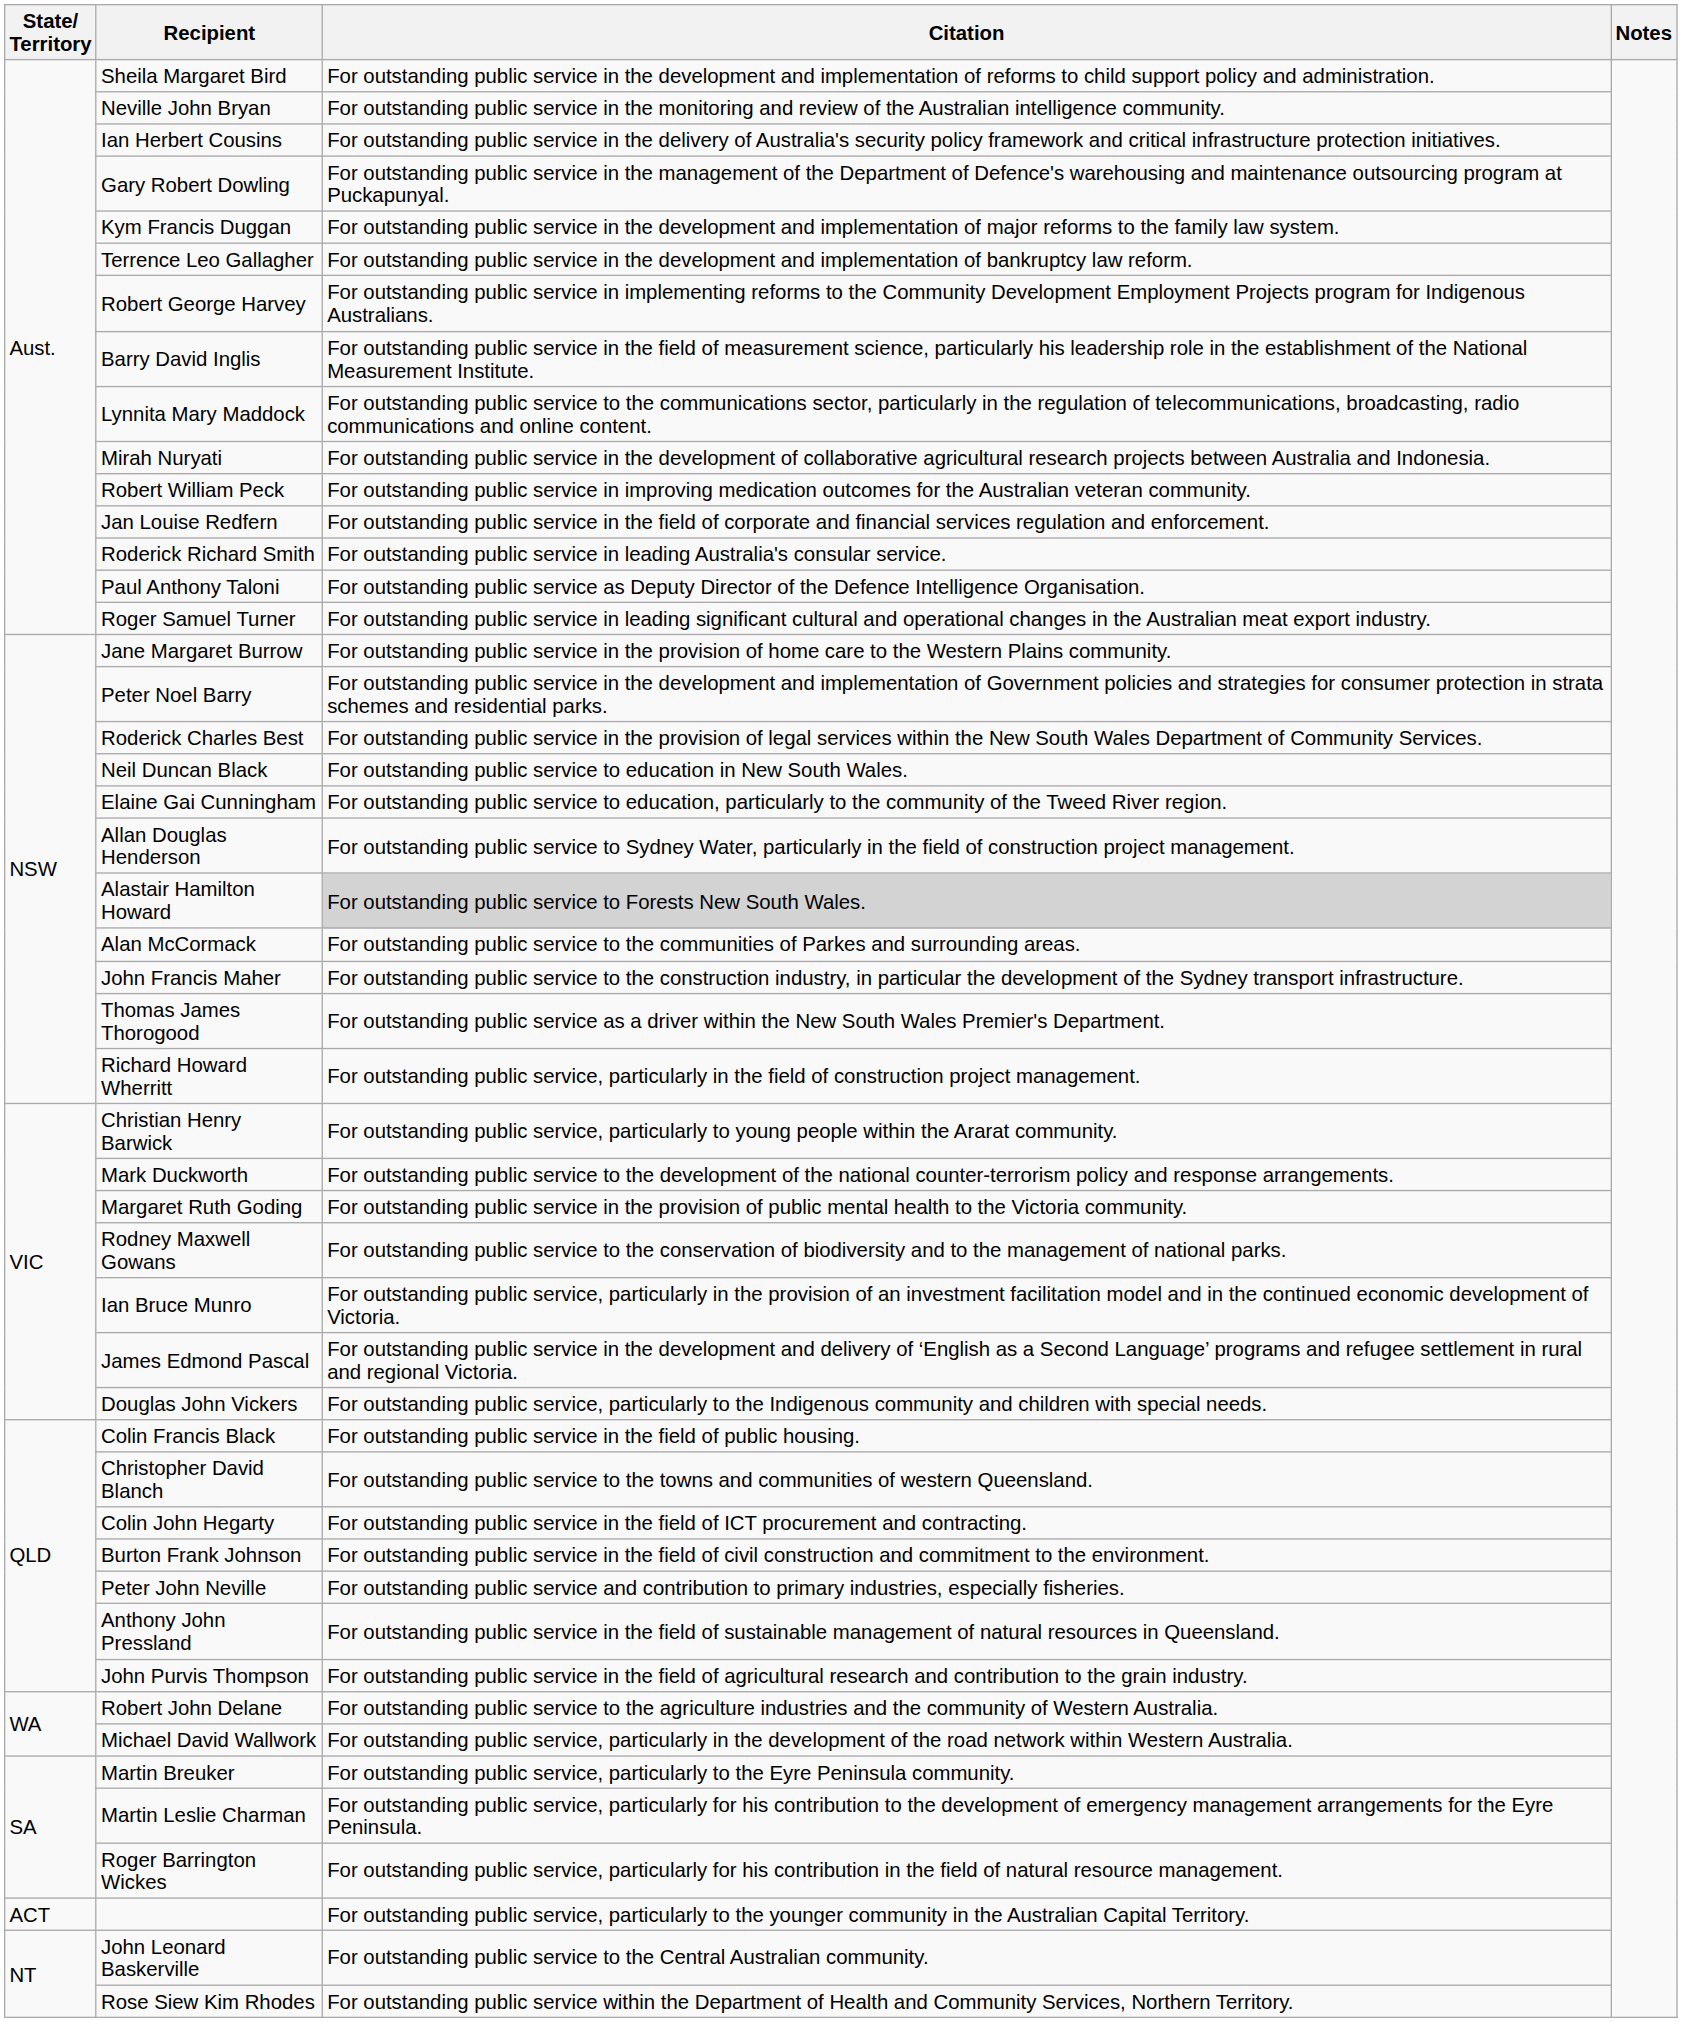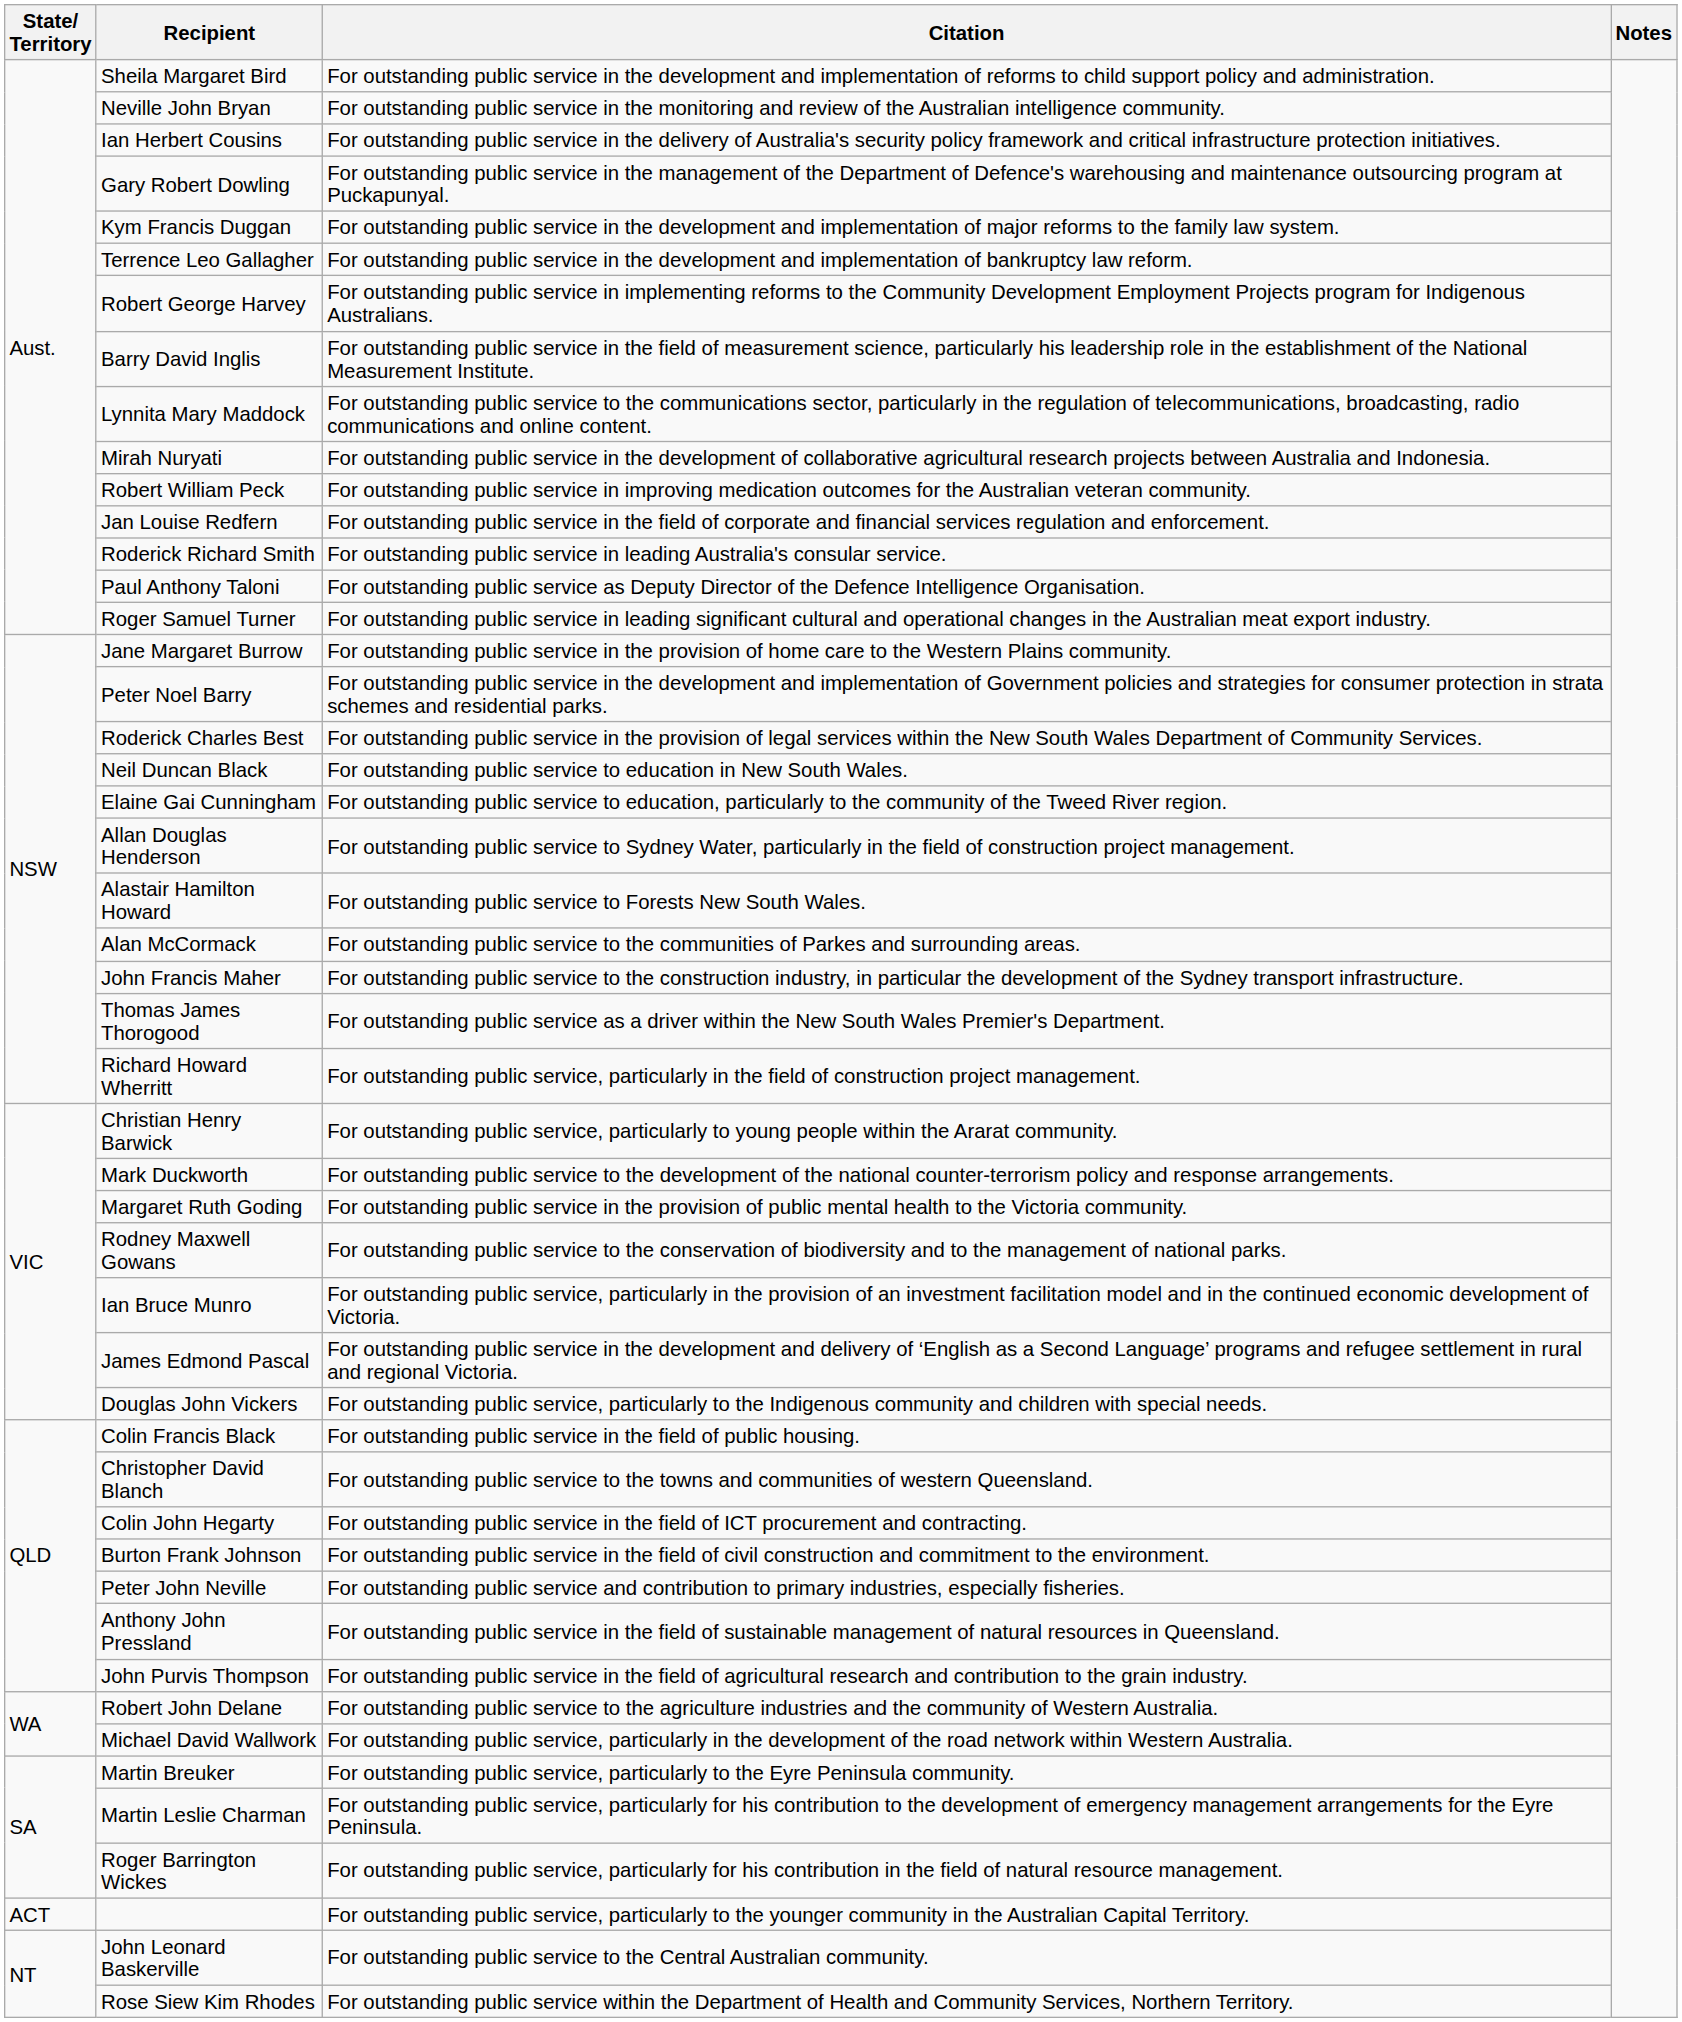 <table class="wikitable" style="font-size:95%;">
 <tr>
 <th>State/<br>Territory</th>
 <th>Recipient</th>
 <th>Citation</th>
 <th>Notes</th>
 </tr>
 <tr>
 <td rowspan=15>Aust.</td>
 <td>Sheila Margaret Bird</td>
 <td>For outstanding public service in the development and implementation of reforms to child support policy and administration.</td>
 <td rowspan=48></td>
 </tr>
 <tr>
 <td>Neville John Bryan</td>
 <td>For outstanding public service in the monitoring and review of the Australian intelligence community.</td>
 </tr>
 <tr>
 <td>Ian Herbert Cousins</td>
 <td>For outstanding public service in the delivery of Australia's security policy framework and critical infrastructure protection initiatives.</td>
 </tr>
 <tr>
 <td>Gary Robert Dowling</td>
 <td>For outstanding public service in the management of the Department of Defence's warehousing and maintenance outsourcing program at Puckapunyal.</td>
 </tr>
 <tr>
 <td>Kym Francis Duggan</td>
 <td>For outstanding public service in the development and implementation of major reforms to the family law system.</td>
 </tr>
 <tr>
 <td>Terrence Leo Gallagher</td>
 <td>For outstanding public service in the development and implementation of bankruptcy law reform.</td>
 </tr>
 <tr>
 <td>Robert George Harvey</td>
 <td>For outstanding public service in implementing reforms to the Community Development Employment Projects program for Indigenous Australians.</td>
 </tr>
 <tr>
 <td> Barry David Inglis</td>
 <td>For outstanding public service in the field of measurement science, particularly his leadership role in the establishment of the National Measurement Institute.</td>
 </tr>
 <tr>
 <td>Lynnita Mary Maddock</td>
 <td>For outstanding public service to the communications sector, particularly in the regulation of telecommunications, broadcasting, radio communications and online content.</td>
 </tr>
 <tr>
 <td>Mirah Nuryati</td>
 <td>For outstanding public service in the development of collaborative agricultural research projects between Australia and Indonesia.</td>
 </tr>
 <tr>
 <td>Robert William Peck</td>
 <td>For outstanding public service in improving medication outcomes for the Australian veteran community.</td>
 </tr>
 <tr>
 <td>Jan Louise Redfern</td>
 <td>For outstanding public service in the field of corporate and financial services regulation and enforcement.</td>
 </tr>
 <tr>
 <td>Roderick Richard Smith</td>
 <td>For outstanding public service in leading Australia's consular service.</td>
 </tr>
 <tr>
 <td> Paul Anthony Taloni</td>
 <td>For outstanding public service as Deputy Director of the Defence Intelligence Organisation.</td>
 </tr>
 <tr>
 <td> Roger Samuel Turner</td>
 <td>For outstanding public service in leading significant cultural and operational changes in the Australian meat export industry.</td>
 </tr>
 <tr>
 <td rowspan=11>NSW</td>
 <td>Jane Margaret Burrow</td>
 <td>For outstanding public service in the provision of home care to the Western Plains community.</td>
 </tr>
 <tr>
 <td>Peter Noel Barry</td>
 <td>For outstanding public service in the development and implementation of Government policies and strategies for consumer protection in strata schemes and residential parks.</td>
 </tr>
 <tr>
 <td>Roderick Charles Best</td>
 <td>For outstanding public service in the provision of legal services within the New South Wales Department of Community Services.</td>
 </tr>
 <tr>
 <td>Neil Duncan Black</td>
 <td>For outstanding public service to education in New South Wales.</td>
 </tr>
 <tr>
 <td>Elaine Gai Cunningham</td>
 <td>For outstanding public service to education, particularly to the community of the Tweed River region.</td>
 </tr>
 <tr>
 <td>Allan Douglas Henderson</td>
 <td>For outstanding public service to Sydney Water, particularly in the field of construction project management.</td>
 </tr>
 <tr>
 <td>Alastair Hamilton Howard</td>
-<td style="background: lightgrey;">For outstanding public service to Forests New South Wales.</td>
+<td>For outstanding public service to Forests New South Wales.</td>
 </tr>
 <tr>
 <td>Alan McCormack</td>
 <td>For outstanding public service to the communities of Parkes and surrounding areas.</td>
 </tr>
 <tr>
 <td>John Francis Maher</td>
 <td>For outstanding public service to the construction industry, in particular the development of the Sydney transport infrastructure.</td>
 </tr>
 <tr>
 <td>Thomas James Thorogood</td>
 <td>For outstanding public service as a driver within the New South Wales Premier's Department.</td>
 </tr>
 <tr>
 <td>Richard Howard Wherritt</td>
 <td>For outstanding public service, particularly in the field of construction project management.</td>
 </tr>
 <tr>
 <td rowspan=7>VIC</td>
 <td>Christian Henry Barwick</td>
 <td>For outstanding public service, particularly to young people within the Ararat community.</td>
 </tr>
 <tr>
 <td>Mark Duckworth</td>
 <td>For outstanding public service to the development of the national counter-terrorism policy and response arrangements.</td>
 </tr>
 <tr>
 <td>Margaret Ruth Goding</td>
 <td>For outstanding public service in the provision of public mental health to the Victoria community.</td>
 </tr>
 <tr>
 <td>Rodney Maxwell Gowans</td>
 <td>For outstanding public service to the conservation of biodiversity and to the management of national parks.</td>
 </tr>
 <tr>
 <td>Ian Bruce Munro</td>
 <td>For outstanding public service, particularly in the provision of an investment facilitation model and in the continued economic development of Victoria.</td>
 </tr>
 <tr>
 <td>James Edmond Pascal</td>
 <td>For outstanding public service in the development and delivery of ‘English as a Second Language’ programs and refugee settlement in rural and regional Victoria.</td>
 </tr>
 <tr>
 <td>Douglas John Vickers</td>
 <td>For outstanding public service, particularly to the Indigenous community and children with special needs.</td>
 </tr>
 <tr>
 <td rowspan=7>QLD</td>
 <td>Colin Francis Black</td>
 <td>For outstanding public service in the field of public housing.</td>
 </tr>
 <tr>
 <td>Christopher David Blanch</td>
 <td>For outstanding public service to the towns and communities of western Queensland.</td>
 </tr>
 <tr>
 <td>Colin John Hegarty</td>
 <td>For outstanding public service in the field of ICT procurement and contracting.</td>
 </tr>
 <tr>
 <td>Burton Frank Johnson</td>
 <td>For outstanding public service in the field of civil construction and commitment to the environment.</td>
 </tr>
 <tr>
 <td>Peter John Neville</td>
 <td>For outstanding public service and contribution to primary industries, especially fisheries.</td>
 </tr>
 <tr>
 <td> Anthony John Pressland</td>
 <td>For outstanding public service in the field of sustainable management of natural resources in Queensland.</td>
 </tr>
 <tr>
 <td> John Purvis Thompson</td>
 <td>For outstanding public service in the field of agricultural research and contribution to the grain industry.</td>
 </tr>
 <tr>
 <td rowspan=2>WA</td>
 <td>Robert John Delane</td>
 <td>For outstanding public service to the agriculture industries and the community of Western Australia.</td>
 </tr>
 <tr>
 <td>Michael David Wallwork</td>
 <td>For outstanding public service, particularly in the development of the road network within Western Australia.</td>
 </tr>
 <tr>
 <td rowspan=3>SA</td>
 <td>Martin Breuker</td>
 <td>For outstanding public service, particularly to the Eyre Peninsula community.</td>
 </tr>
 <tr>
 <td>Martin Leslie Charman</td>
 <td>For outstanding public service, particularly for his contribution to the development of emergency management arrangements for the Eyre Peninsula.</td>
 </tr>
 <tr>
 <td>Roger Barrington Wickes</td>
 <td>For outstanding public service, particularly for his contribution in the field of natural resource management.</td>
 </tr>
 <tr>
 <td>ACT</td>
 <td></td>
 <td>For outstanding public service, particularly to the younger community in the Australian Capital Territory.</td>
 </tr>
 <tr>
 <td rowspan=2>NT</td>
 <td>John Leonard Baskerville</td>
 <td>For outstanding public service to the Central Australian community.</td>
 </tr>
 <tr>
 <td>Rose Siew Kim Rhodes</td>
 <td>For outstanding public service within the Department of Health and Community Services, Northern Territory.</td>
 </tr>
 </table>
